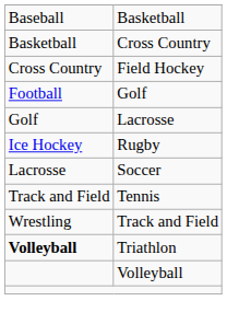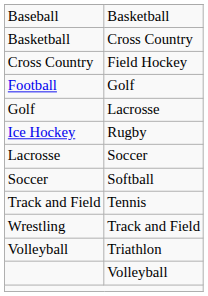 <table class="wikitable" style=" ">
 <tr>
 </tr>
 <tr>
 <td>Baseball</td>
 <td>Basketball</td>
 </tr>
 <tr>
 <td>Basketball</td>
 <td>Cross Country</td>
 </tr>
 <tr>
 <td>Cross Country</td>
 <td>Field Hockey</td>
 </tr>
 <tr>
 <td><a href='#'>Football</a></td>
 <td>Golf</td>
 </tr>
 <tr>
 <td>Golf</td>
 <td>Lacrosse</td>
 </tr>
 <tr>
 <td><a href='#'>Ice Hockey</a></td>
 <td>Rugby</td>
 </tr>
 <tr>
 <td>Lacrosse</td>
 <td>Soccer</td>
 </tr>
 <tr>
+<td>Soccer</td>
+<td>Softball</td>
+</tr>
+<tr>
 <td>Track and Field</td>
 <td>Tennis</td>
 </tr>
 <tr>
 <td>Wrestling</td>
 <td>Track and Field</td>
 </tr>
 <tr>
-<td><strong>Volleyball</strong></td>
+<td>Volleyball</td>
 <td>Triathlon</td>
 </tr>
 <tr>
 <td></td>
 <td>Volleyball</td>
 </tr>
 <tr>
 <td colspan="2"></td>
 </tr>
 </table>
